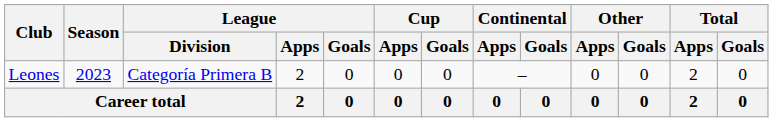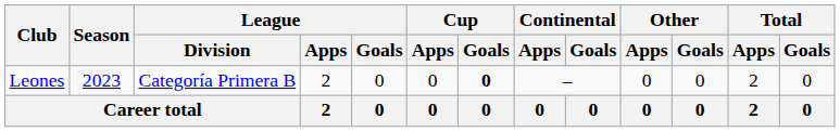 <table class=wikitable style=text-align:center>
 <tr>
 <th rowspan="2">Club</th>
 <th rowspan="2">Season</th>
 <th colspan="3">League</th>
 <th colspan="2">Cup</th>
 <th colspan="2">Continental</th>
 <th colspan="2">Other</th>
 <th colspan="2">Total</th>
 </tr>
 <tr>
 <th>Division</th>
 <th>Apps</th>
 <th>Goals</th>
 <th>Apps</th>
 <th>Goals</th>
 <th>Apps</th>
 <th>Goals</th>
 <th>Apps</th>
 <th>Goals</th>
 <th>Apps</th>
 <th>Goals</th>
 </tr>
 <tr>
 <td><a href='#'>Leones</a></td>
 <td><a href='#'>2023</a></td>
 <td><a href='#'>Categoría Primera B</a></td>
 <td>2</td>
 <td>0</td>
 <td>0</td>
-<td>0</td>
+<td><strong>0</strong></td>
 <td colspan="2">–</td>
 <td>0</td>
 <td>0</td>
 <td>2</td>
 <td>0</td>
 </tr>
 <tr>
 <th colspan="3"><strong>Career total</strong></th>
 <th>2</th>
 <th>0</th>
 <th>0</th>
 <th>0</th>
 <th>0</th>
 <th>0</th>
 <th>0</th>
 <th>0</th>
 <th>2</th>
 <th>0</th>
 </tr>
 </table>
